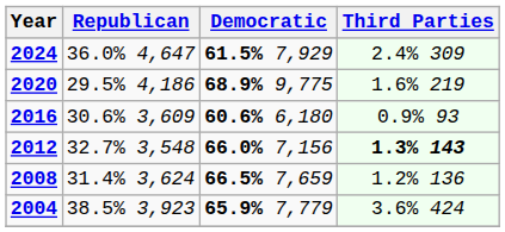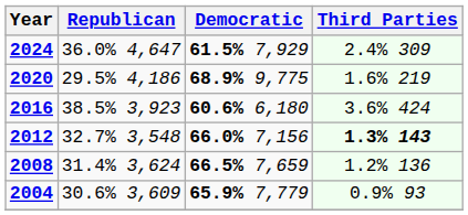 <table class="wikitable" style="float:right; font-size:95%;">
 <tr bgcolor=lightgrey>
 <th>Year</th>
 <th><a href='#'>Republican</a></th>
 <th><a href='#'>Democratic</a></th>
 <th><a href='#'>Third Parties</a></th>
 </tr>
 <tr>
 <td style="text-align:center; "><strong><a href='#'>2024</a></strong></td>
 <td style="text-align:center; ">36.0% <em>4,647</em></td>
 <td style="text-align:center; "><strong>61.5%</strong>  <em>7,929</em></td>
 <td style="text-align:center; background:honeyDew;">2.4% <em>309</em></td>
 </tr>
 <tr>
 <td style="text-align:center; "><strong><a href='#'>2020</a></strong></td>
 <td style="text-align:center; ">29.5% <em>4,186</em></td>
 <td style="text-align:center; "><strong>68.9%</strong>  <em>9,775</em></td>
 <td style="text-align:center; background:honeyDew;">1.6% <em>219</em></td>
 </tr>
 <tr>
 <td style="text-align:center; "><strong><a href='#'>2016</a></strong></td>
-<td style="text-align:center; ">30.6% <em>3,609</em></td>
+<td style="text-align:center; ">38.5% <em>3,923</em></td>
 <td style="text-align:center; "><strong>60.6%</strong>  <em>6,180</em></td>
-<td style="text-align:center; background:honeyDew;">0.9% <em>93</em></td>
+<td style="text-align:center; background:honeyDew;">3.6% <em>424</em></td>
 </tr>
 <tr>
 <td style="text-align:center; "><strong><a href='#'>2012</a></strong></td>
 <td style="text-align:center; ">32.7% <em>3,548</em></td>
 <td style="text-align:center; "><strong>66.0%</strong>  <em>7,156</em></td>
 <td style="text-align:center; background:honeyDew;"><strong>1.3% <em>143</em></strong></td>
 </tr>
 <tr>
 <td style="text-align:center; "><strong><a href='#'>2008</a></strong></td>
 <td style="text-align:center; ">31.4% <em>3,624</em></td>
 <td style="text-align:center; "><strong>66.5%</strong>  <em>7,659</em></td>
 <td style="text-align:center; background:honeyDew;">1.2% <em>136</em></td>
 </tr>
 <tr>
 <td style="text-align:center; "><strong><a href='#'>2004</a></strong></td>
-<td style="text-align:center; ">38.5% <em>3,923</em></td>
+<td style="text-align:center; ">30.6% <em>3,609</em></td>
 <td style="text-align:center; "><strong>65.9%</strong>  <em>7,779</em></td>
-<td style="text-align:center; background:honeyDew;">3.6% <em>424</em></td>
+<td style="text-align:center; background:honeyDew;">0.9% <em>93</em></td>
 </tr>
 <tr>
 </tr>
 </table>
